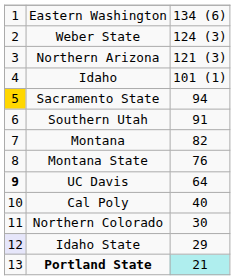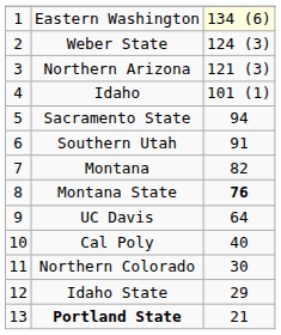 <table class="wikitable" style="display: inline-table;">
 <tr align="center">
 </tr>
 <tr align="center">
 <td>1</td>
 <td>Eastern Washington</td>
-<td>134 (6)</td>
+<td style="background: lightyellow;">134 (6)</td>
 </tr>
 <tr align="center">
 <td>2</td>
 <td>Weber State</td>
 <td>124 (3)</td>
 </tr>
 <tr align="center">
 <td>3</td>
 <td>Northern Arizona</td>
 <td>121 (3)</td>
 </tr>
 <tr align="center">
 <td>4</td>
 <td>Idaho</td>
 <td>101 (1)</td>
 </tr>
 <tr align="center">
-<td style="background: gold;">5</td>
+<td>5</td>
 <td>Sacramento State</td>
 <td>94</td>
 </tr>
 <tr align="center">
 <td>6</td>
 <td>Southern Utah</td>
 <td>91</td>
 </tr>
 <tr align="center">
 <td>7</td>
 <td>Montana</td>
 <td>82</td>
 </tr>
 <tr align="center">
 <td>8</td>
 <td>Montana State</td>
-<td>76</td>
+<td><strong>76</strong></td>
 </tr>
 <tr align="center">
-<td><strong>9</strong></td>
+<td>9</td>
 <td>UC Davis</td>
 <td>64</td>
 </tr>
 <tr align="center">
 <td>10</td>
 <td>Cal Poly</td>
 <td>40</td>
 </tr>
 <tr align="center">
 <td>11</td>
 <td>Northern Colorado</td>
 <td>30</td>
 </tr>
 <tr align="center">
-<td style="background: lavender;">12</td>
+<td>12</td>
 <td>Idaho State</td>
 <td>29</td>
 </tr>
 <tr align="center">
 <td>13</td>
 <td><strong>Portland State</strong></td>
-<td style="background: paleturquoise;">21</td>
+<td>21</td>
 </tr>
 </table>
